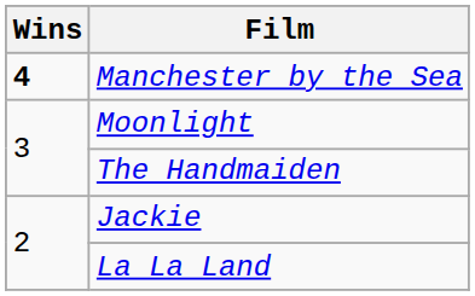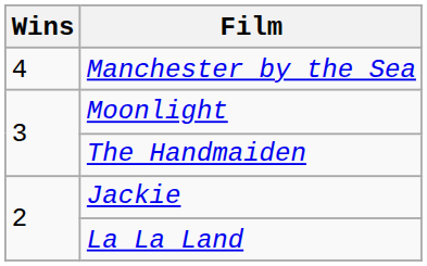 <table class="wikitable">
 <tr>
 <th>Wins</th>
 <th>Film</th>
 </tr>
 <tr>
-<td><strong>4</strong></td>
+<td>4</td>
 <td><em><a href='#'>Manchester by the Sea</a></em></td>
 </tr>
 <tr>
 <td rowspan="2">3</td>
 <td><em><a href='#'>Moonlight</a></em></td>
 </tr>
 <tr>
 <td><em><a href='#'>The Handmaiden</a></em></td>
 </tr>
 <tr>
 <td rowspan="2">2</td>
 <td><em><a href='#'>Jackie</a></em></td>
 </tr>
 <tr>
 <td><em><a href='#'>La La Land</a></em></td>
 </tr>
 </table>
